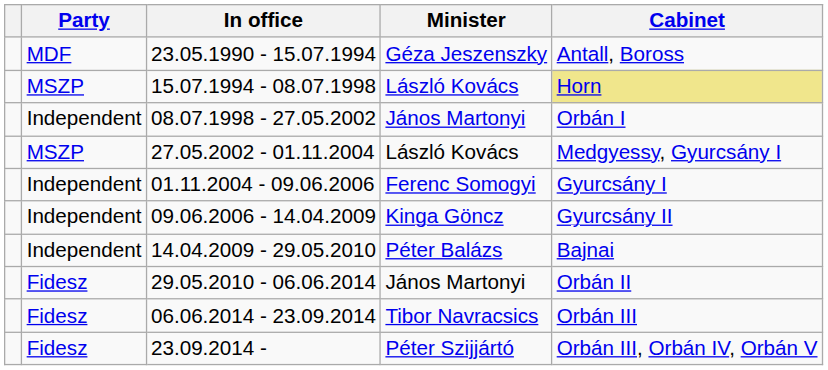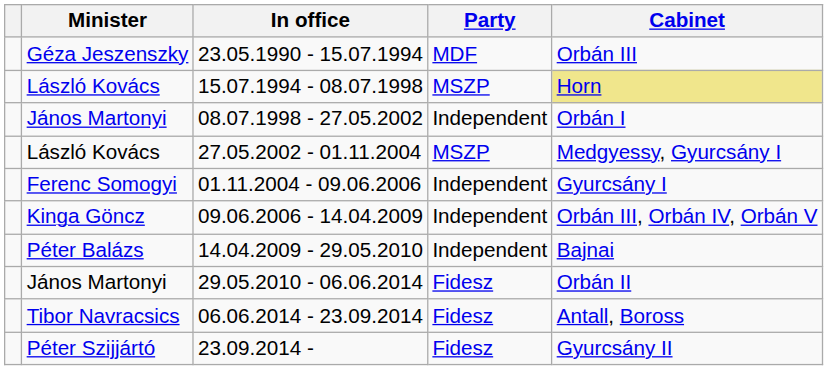 <table class="wikitable">
 <tr>
 <th class="unsortable" width=6px></th>
+<th>Minister</th>
+<th>In office</th>
 <th><a href='#'>Party</a></th>
-<th>In office</th>
-<th>Minister</th>
 <th><a href='#'>Cabinet</a></th>
 </tr>
 <tr>
 <td ! style="background:"></td>
+<td><a href='#'>Géza Jeszenszky</a></td>
+<td>23.05.1990 - 15.07.1994</td>
 <td><a href='#'>MDF</a></td>
-<td>23.05.1990 - 15.07.1994</td>
-<td><a href='#'>Géza Jeszenszky</a></td>
+<td><a href='#'>Orbán III</a></td>
+</tr>
+<tr>
+<td ! style="background:"></td>
+<td><a href='#'>László Kovács</a></td>
+<td>15.07.1994 - 08.07.1998</td>
+<td><a href='#'>MSZP</a></td>
+<td style="background: khaki;"><a href='#'>Horn</a></td>
+</tr>
+<tr>
+<td ! style="background:"></td>
+<td><a href='#'>János Martonyi</a></td>
+<td>08.07.1998 - 27.05.2002</td>
+<td>Independent</td>
+<td><a href='#'>Orbán I</a></td>
+</tr>
+<tr>
+<td ! style="background:"></td>
+<td>László Kovács</td>
+<td>27.05.2002 - 01.11.2004</td>
+<td><a href='#'>MSZP</a></td>
+<td><a href='#'>Medgyessy</a>, <a href='#'>Gyurcsány I</a></td>
+</tr>
+<tr>
+<td ! style="background:"></td>
+<td><a href='#'>Ferenc Somogyi</a></td>
+<td>01.11.2004 - 09.06.2006</td>
+<td>Independent</td>
+<td><a href='#'>Gyurcsány I</a></td>
+</tr>
+<tr>
+<td ! style="background:"></td>
+<td><a href='#'>Kinga Göncz</a></td>
+<td>09.06.2006 - 14.04.2009</td>
+<td>Independent</td>
+<td><a href='#'>Orbán III</a>, <a href='#'>Orbán IV</a>, <a href='#'>Orbán V</a></td>
+</tr>
+<tr>
+<td ! style="background:"></td>
+<td><a href='#'>Péter Balázs</a></td>
+<td>14.04.2009 - 29.05.2010</td>
+<td>Independent</td>
+<td><a href='#'>Bajnai</a></td>
+</tr>
+<tr>
+<td ! style="background:"></td>
+<td>János Martonyi</td>
+<td>29.05.2010 - 06.06.2014</td>
+<td><a href='#'>Fidesz</a></td>
+<td><a href='#'>Orbán II</a></td>
+</tr>
+<tr>
+<td ! style="background:"></td>
+<td><a href='#'>Tibor Navracsics</a></td>
+<td>06.06.2014 - 23.09.2014</td>
+<td><a href='#'>Fidesz</a></td>
 <td><a href='#'>Antall</a>, <a href='#'>Boross</a></td>
 </tr>
 <tr>
 <td ! style="background:"></td>
-<td><a href='#'>MSZP</a></td>
-<td>15.07.1994 - 08.07.1998</td>
-<td><a href='#'>László Kovács</a></td>
-<td style="background: khaki;"><a href='#'>Horn</a></td>
-</tr>
-<tr>
-<td ! style="background:"></td>
-<td>Independent</td>
-<td>08.07.1998 - 27.05.2002</td>
-<td><a href='#'>János Martonyi</a></td>
-<td><a href='#'>Orbán I</a></td>
-</tr>
-<tr>
-<td ! style="background:"></td>
-<td><a href='#'>MSZP</a></td>
-<td>27.05.2002 - 01.11.2004</td>
-<td>László Kovács</td>
-<td><a href='#'>Medgyessy</a>, <a href='#'>Gyurcsány I</a></td>
-</tr>
-<tr>
-<td ! style="background:"></td>
-<td>Independent</td>
-<td>01.11.2004 - 09.06.2006</td>
-<td><a href='#'>Ferenc Somogyi</a></td>
-<td><a href='#'>Gyurcsány I</a></td>
-</tr>
-<tr>
-<td ! style="background:"></td>
-<td>Independent</td>
-<td>09.06.2006 - 14.04.2009</td>
-<td><a href='#'>Kinga Göncz</a></td>
+<td><a href='#'>Péter Szijjártó</a></td>
+<td>23.09.2014 -</td>
+<td><a href='#'>Fidesz</a></td>
 <td><a href='#'>Gyurcsány II</a></td>
 </tr>
-<tr>
-<td ! style="background:"></td>
-<td>Independent</td>
-<td>14.04.2009 - 29.05.2010</td>
-<td><a href='#'>Péter Balázs</a></td>
-<td><a href='#'>Bajnai</a></td>
-</tr>
-<tr>
-<td ! style="background:"></td>
-<td><a href='#'>Fidesz</a></td>
-<td>29.05.2010 - 06.06.2014</td>
-<td>János Martonyi</td>
-<td><a href='#'>Orbán II</a></td>
-</tr>
-<tr>
-<td ! style="background:"></td>
-<td><a href='#'>Fidesz</a></td>
-<td>06.06.2014 - 23.09.2014</td>
-<td><a href='#'>Tibor Navracsics</a></td>
-<td><a href='#'>Orbán III</a></td>
-</tr>
-<tr>
-<td ! style="background:"></td>
-<td><a href='#'>Fidesz</a></td>
-<td>23.09.2014 -</td>
-<td><a href='#'>Péter Szijjártó</a></td>
-<td><a href='#'>Orbán III</a>, <a href='#'>Orbán IV</a>, <a href='#'>Orbán V</a></td>
-</tr>
 </table>
